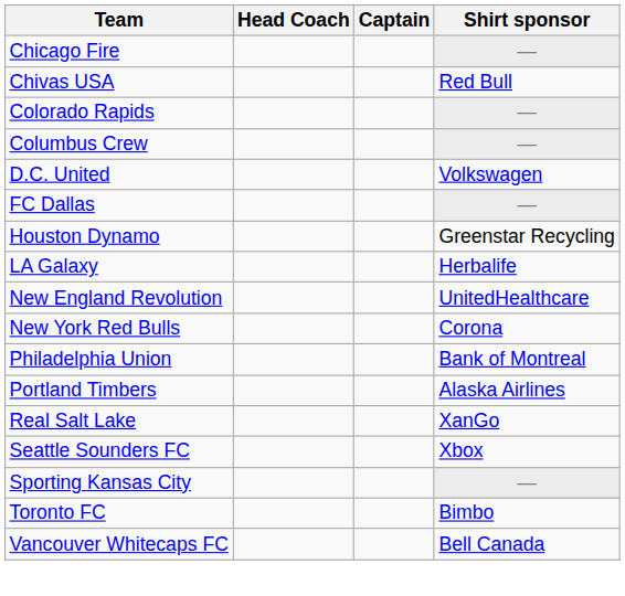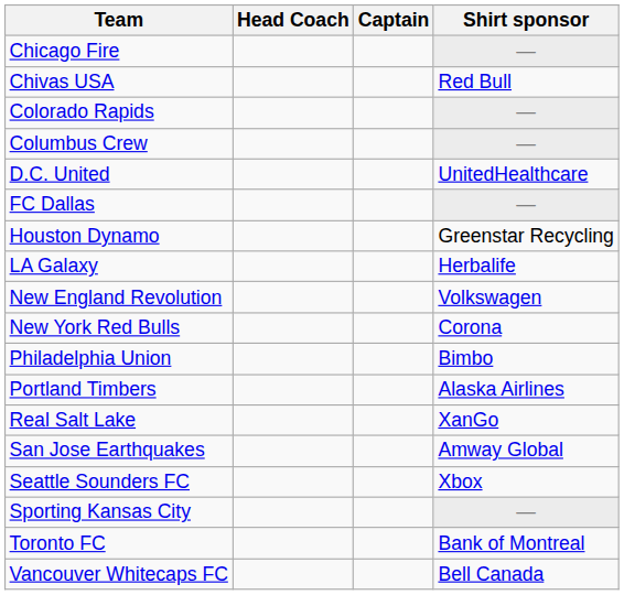 <table class="wikitable sortable" style="text-align: left;">
 <tr>
 <th>Team</th>
 <th>Head Coach</th>
 <th>Captain</th>
 <th>Shirt sponsor</th>
 </tr>
 <tr>
 <td><a href='#'>Chicago Fire</a></td>
 <td> </td>
 <td> </td>
 <td align="center" style="background:#ececec; color:gray">—</td>
 </tr>
 <tr>
 <td><a href='#'>Chivas USA</a></td>
 <td> </td>
 <td> </td>
 <td><a href='#'>Red Bull</a></td>
 </tr>
 <tr>
 <td><a href='#'>Colorado Rapids</a></td>
 <td> </td>
 <td> </td>
 <td align="center" style="background:#ececec; color:gray">—</td>
 </tr>
 <tr>
 <td><a href='#'>Columbus Crew</a></td>
 <td> </td>
 <td> </td>
 <td align="center" style="background:#ececec; color:gray">—</td>
 </tr>
 <tr>
 <td><a href='#'>D.C. United</a></td>
 <td> </td>
 <td> </td>
-<td><a href='#'>Volkswagen</a></td>
+<td><a href='#'>UnitedHealthcare</a></td>
 </tr>
 <tr>
 <td><a href='#'>FC Dallas</a></td>
 <td> </td>
 <td> </td>
 <td align="center" style="background:#ececec; color:gray">—</td>
 </tr>
 <tr>
 <td><a href='#'>Houston Dynamo</a></td>
 <td> </td>
 <td> </td>
 <td>Greenstar Recycling</td>
 </tr>
 <tr>
 <td><a href='#'>LA Galaxy</a></td>
 <td> </td>
 <td> </td>
 <td><a href='#'>Herbalife</a></td>
 </tr>
 <tr>
 <td><a href='#'>New England Revolution</a></td>
 <td> </td>
 <td> </td>
-<td><a href='#'>UnitedHealthcare</a></td>
+<td><a href='#'>Volkswagen</a></td>
 </tr>
 <tr>
 <td><a href='#'>New York Red Bulls</a></td>
 <td> </td>
 <td> </td>
 <td><a href='#'>Corona</a></td>
 </tr>
 <tr>
 <td><a href='#'>Philadelphia Union</a></td>
 <td> </td>
 <td> </td>
-<td><a href='#'>Bank of Montreal</a></td>
+<td><a href='#'>Bimbo</a></td>
 </tr>
 <tr>
 <td><a href='#'>Portland Timbers</a></td>
 <td> </td>
 <td> </td>
 <td><a href='#'>Alaska Airlines</a></td>
 </tr>
 <tr>
 <td><a href='#'>Real Salt Lake</a></td>
 <td> </td>
 <td> </td>
 <td><a href='#'>XanGo</a></td>
+</tr>
+<tr>
+<td><a href='#'>San Jose Earthquakes</a></td>
+<td> </td>
+<td> </td>
+<td><a href='#'>Amway Global</a></td>
 </tr>
 <tr>
 <td><a href='#'>Seattle Sounders FC</a></td>
 <td> </td>
 <td> </td>
 <td><a href='#'>Xbox</a></td>
 </tr>
 <tr>
 <td><a href='#'>Sporting Kansas City</a></td>
 <td> </td>
 <td> </td>
 <td align="center" style="background:#ececec; color:gray">—</td>
 </tr>
 <tr>
 <td><a href='#'>Toronto FC</a></td>
 <td> </td>
 <td> </td>
-<td><a href='#'>Bimbo</a></td>
+<td><a href='#'>Bank of Montreal</a></td>
 </tr>
 <tr>
 <td><a href='#'>Vancouver Whitecaps FC</a></td>
 <td> </td>
 <td> </td>
 <td><a href='#'>Bell Canada</a></td>
 </tr>
 </table>
